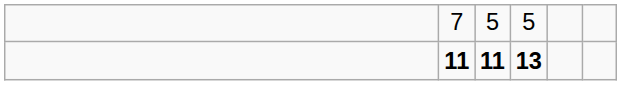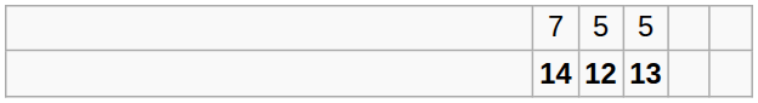 <table class="wikitable">
 <tr>
 <td style="width:18em"></td>
 <td align=center style="width:1em">7</td>
 <td align=center style="width:1em">5</td>
 <td align=center style="width:1em">5</td>
 <td align=center style="width:1em"></td>
 <td align=center style="width:1em"></td>
 </tr>
 <tr>
 <td style="width:18em"></td>
-<td align=center style="width:1em"><strong>11</strong></td>
-<td align=center style="width:1em"><strong>11</strong></td>
+<td align=center style="width:1em"><strong>14</strong></td>
+<td align=center style="width:1em"><strong>12</strong></td>
 <td align=center style="width:1em"><strong>13</strong></td>
 <td align=center style="width:1em"></td>
 <td align=center style="width:1em"></td>
 </tr>
 </table>
